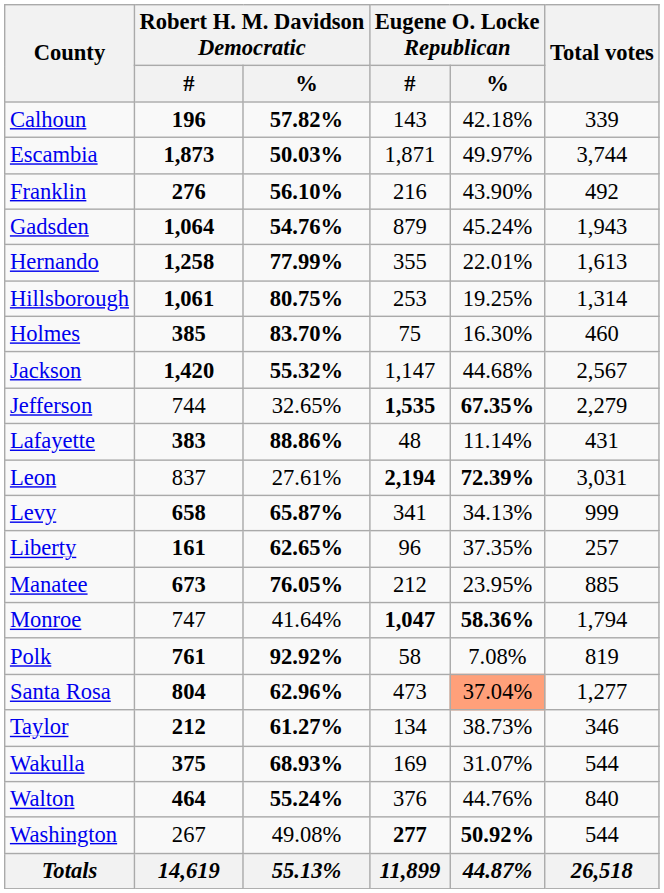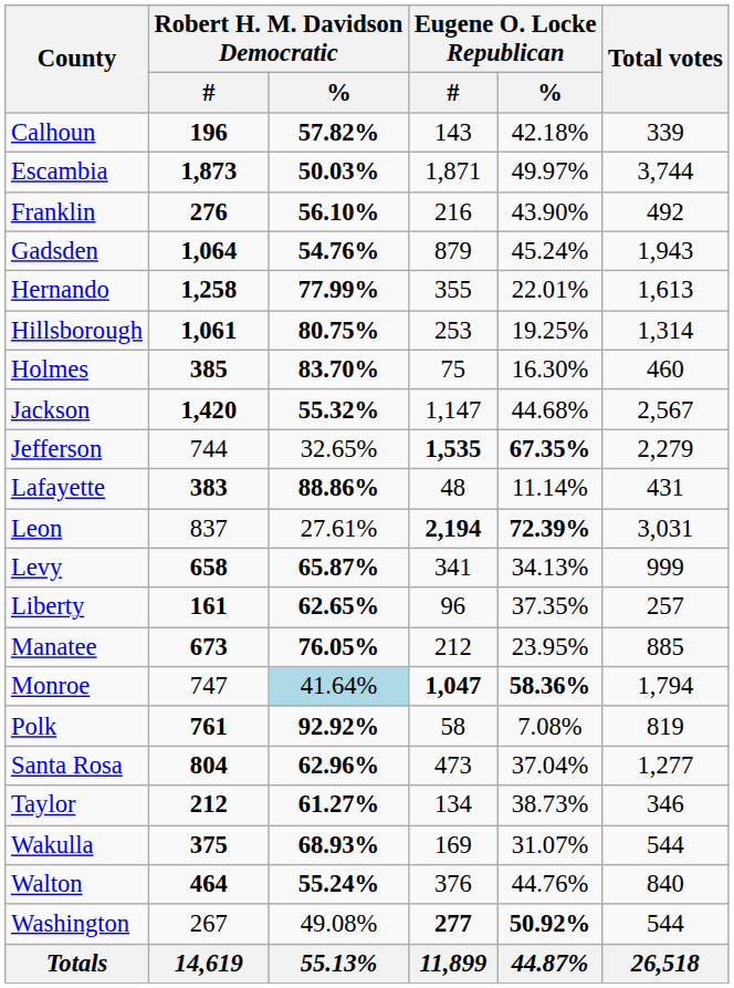 <table class="wikitable sortable">
 <tr>
 <th rowspan="2">County</th>
 <th colspan="2" style="text-align: center;" >Robert H. M. Davidson <br><em>Democratic</em></th>
 <th colspan="2" style="text-align: center;" >Eugene O. Locke <br> <em>Republican</em></th>
 <th rowspan="2">Total votes</th>
 </tr>
 <tr>
 <th colspan="1" style="text-align: center;" >#</th>
 <th colspan="1" style="text-align: center;" >%</th>
 <th colspan="1" style="text-align: center;" >#</th>
 <th colspan="1" style="text-align: center;" >%</th>
 </tr>
 <tr>
 <td><a href='#'>Calhoun</a></td>
 <td align="center"><strong>196</strong></td>
 <td align="center"><strong>57.82%</strong></td>
 <td align="center">143</td>
 <td align="center">42.18%</td>
 <td align="center">339</td>
 </tr>
 <tr>
 <td><a href='#'>Escambia</a></td>
 <td align="center"><strong>1,873</strong></td>
 <td align="center"><strong>50.03%</strong></td>
 <td align="center">1,871</td>
 <td align="center">49.97%</td>
 <td align="center">3,744</td>
 </tr>
 <tr>
 <td><a href='#'>Franklin</a></td>
 <td align="center"><strong>276</strong></td>
 <td align="center"><strong>56.10%</strong></td>
 <td align="center">216</td>
 <td align="center">43.90%</td>
 <td align="center">492</td>
 </tr>
 <tr>
 <td><a href='#'>Gadsden</a></td>
 <td align="center"><strong>1,064</strong></td>
 <td align="center"><strong>54.76%</strong></td>
 <td align="center">879</td>
 <td align="center">45.24%</td>
 <td align="center">1,943</td>
 </tr>
 <tr>
 <td><a href='#'>Hernando</a></td>
 <td align="center"><strong>1,258</strong></td>
 <td align="center"><strong>77.99%</strong></td>
 <td align="center">355</td>
 <td align="center">22.01%</td>
 <td align="center">1,613</td>
 </tr>
 <tr>
 <td><a href='#'>Hillsborough</a></td>
 <td align="center"><strong>1,061</strong></td>
 <td align="center"><strong>80.75%</strong></td>
 <td align="center">253</td>
 <td align="center">19.25%</td>
 <td align="center">1,314</td>
 </tr>
 <tr>
 <td><a href='#'>Holmes</a></td>
 <td align="center"><strong>385</strong></td>
 <td align="center"><strong>83.70%</strong></td>
 <td align="center">75</td>
 <td align="center">16.30%</td>
 <td align="center">460</td>
 </tr>
 <tr>
 <td><a href='#'>Jackson</a></td>
 <td align="center"><strong>1,420</strong></td>
 <td align="center"><strong>55.32%</strong></td>
 <td align="center">1,147</td>
 <td align="center">44.68%</td>
 <td align="center">2,567</td>
 </tr>
 <tr>
 <td><a href='#'>Jefferson</a></td>
 <td align="center">744</td>
 <td align="center">32.65%</td>
 <td align="center"><strong>1,535</strong></td>
 <td align="center"><strong>67.35%</strong></td>
 <td align="center">2,279</td>
 </tr>
 <tr>
 <td><a href='#'>Lafayette</a></td>
 <td align="center"><strong>383</strong></td>
 <td align="center"><strong>88.86%</strong></td>
 <td align="center">48</td>
 <td align="center">11.14%</td>
 <td align="center">431</td>
 </tr>
 <tr>
 <td><a href='#'>Leon</a></td>
 <td align="center">837</td>
 <td align="center">27.61%</td>
 <td align="center"><strong>2,194</strong></td>
 <td align="center"><strong>72.39%</strong></td>
 <td align="center">3,031</td>
 </tr>
 <tr>
 <td><a href='#'>Levy</a></td>
 <td align="center"><strong>658</strong></td>
 <td align="center"><strong>65.87%</strong></td>
 <td align="center">341</td>
 <td align="center">34.13%</td>
 <td align="center">999</td>
 </tr>
 <tr>
 <td><a href='#'>Liberty</a></td>
 <td align="center"><strong>161</strong></td>
 <td align="center"><strong>62.65%</strong></td>
 <td align="center">96</td>
 <td align="center">37.35%</td>
 <td align="center">257</td>
 </tr>
 <tr>
 <td><a href='#'>Manatee</a></td>
 <td align="center"><strong>673</strong></td>
 <td align="center"><strong>76.05%</strong></td>
 <td align="center">212</td>
 <td align="center">23.95%</td>
 <td align="center">885</td>
 </tr>
 <tr>
 <td><a href='#'>Monroe</a></td>
 <td align="center">747</td>
-<td align="center">41.64%</td>
+<td align="center" style="background: lightblue;">41.64%</td>
 <td align="center"><strong>1,047</strong></td>
 <td align="center"><strong>58.36%</strong></td>
 <td align="center">1,794</td>
 </tr>
 <tr>
 <td><a href='#'>Polk</a></td>
 <td align="center"><strong>761</strong></td>
 <td align="center"><strong>92.92%</strong></td>
 <td align="center">58</td>
 <td align="center">7.08%</td>
 <td align="center">819</td>
 </tr>
 <tr>
 <td><a href='#'>Santa Rosa</a></td>
 <td align="center"><strong>804</strong></td>
 <td align="center"><strong>62.96%</strong></td>
 <td align="center">473</td>
-<td align="center" style="background: lightsalmon;">37.04%</td>
+<td align="center">37.04%</td>
 <td align="center">1,277</td>
 </tr>
 <tr>
 <td><a href='#'>Taylor</a></td>
 <td align="center"><strong>212</strong></td>
 <td align="center"><strong>61.27%</strong></td>
 <td align="center">134</td>
 <td align="center">38.73%</td>
 <td align="center">346</td>
 </tr>
 <tr>
 <td><a href='#'>Wakulla</a></td>
 <td align="center"><strong>375</strong></td>
 <td align="center"><strong>68.93%</strong></td>
 <td align="center">169</td>
 <td align="center">31.07%</td>
 <td align="center">544</td>
 </tr>
 <tr>
 <td><a href='#'>Walton</a></td>
 <td align="center"><strong>464</strong></td>
 <td align="center"><strong>55.24%</strong></td>
 <td align="center">376</td>
 <td align="center">44.76%</td>
 <td align="center">840</td>
 </tr>
 <tr>
 <td><a href='#'>Washington</a></td>
 <td align="center">267</td>
 <td align="center">49.08%</td>
 <td align="center"><strong>277</strong></td>
 <td align="center"><strong>50.92%</strong></td>
 <td align="center">544</td>
 </tr>
 <tr>
 <th><em>Totals</em></th>
 <th><em>14,619</em></th>
 <th><em>55.13%</em></th>
 <th><em>11,899</em></th>
 <th><em>44.87%</em></th>
 <th><em>26,518</em></th>
 </tr>
 </table>
